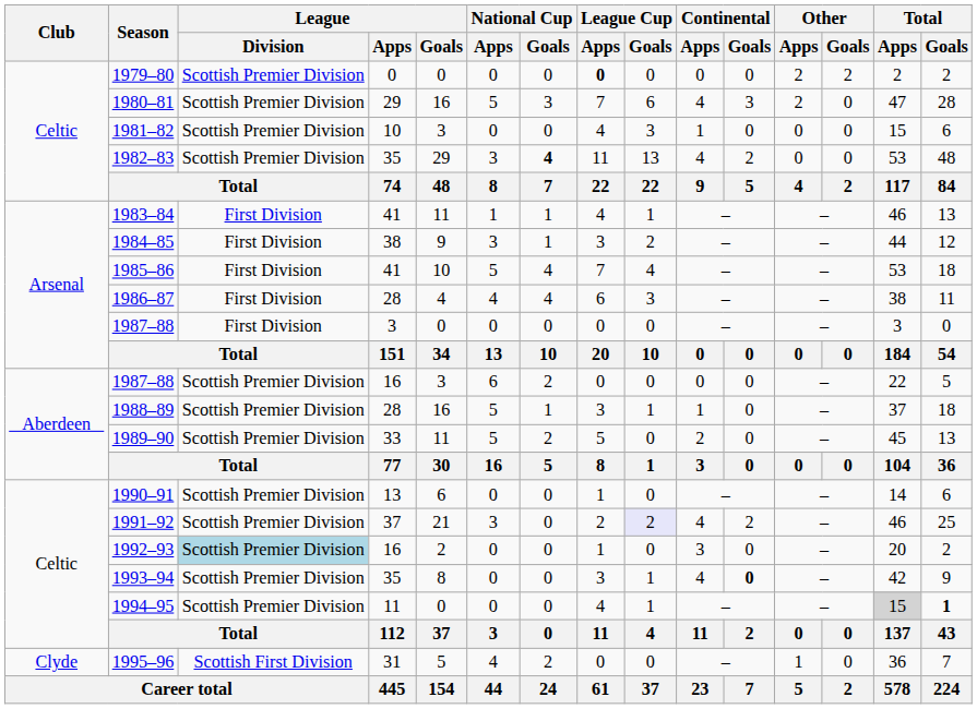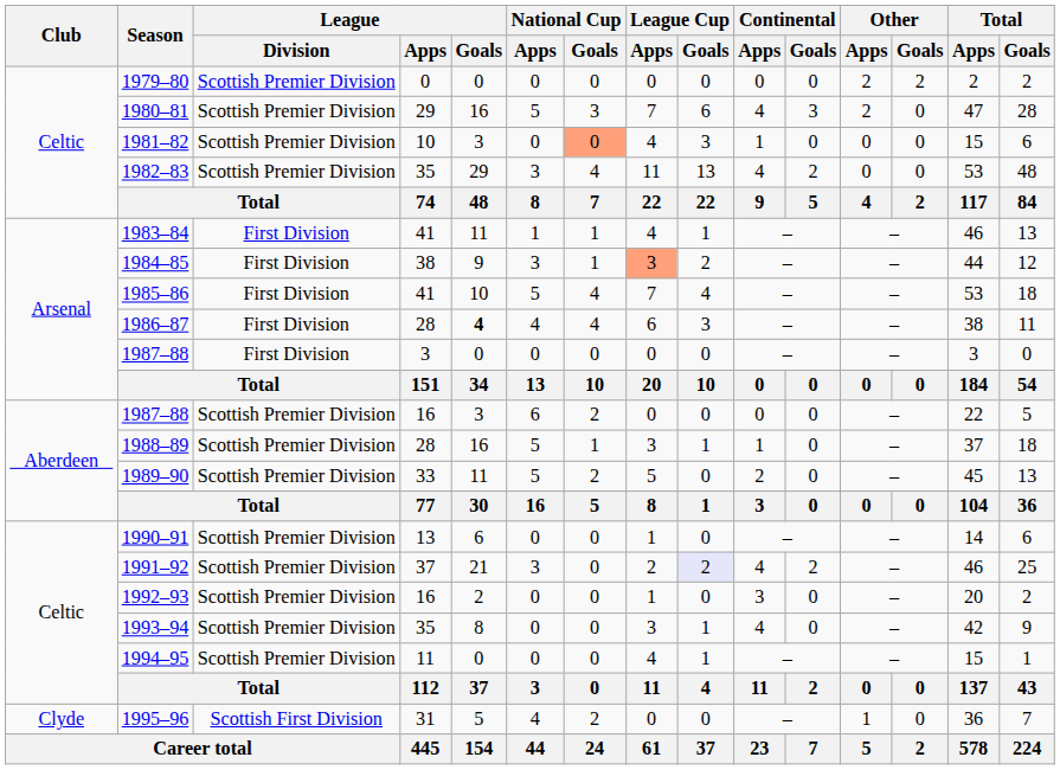 <table class="wikitable" style="text-align:center">
 <tr>
 <th rowspan="2">Club</th>
 <th rowspan="2">Season</th>
 <th colspan="3">League</th>
 <th colspan="2">National Cup</th>
 <th colspan="2">League Cup</th>
 <th colspan="2">Continental</th>
 <th colspan="2">Other</th>
 <th colspan="2">Total</th>
 </tr>
 <tr>
 <th>Division</th>
 <th>Apps</th>
 <th>Goals</th>
 <th>Apps</th>
 <th>Goals</th>
 <th>Apps</th>
 <th>Goals</th>
 <th>Apps</th>
 <th>Goals</th>
 <th>Apps</th>
 <th>Goals</th>
 <th>Apps</th>
 <th>Goals</th>
 </tr>
 <tr>
 <td rowspan="5"><a href='#'>Celtic</a></td>
 <td><a href='#'>1979–80</a></td>
 <td><a href='#'>Scottish Premier Division</a></td>
 <td>0</td>
 <td>0</td>
 <td>0</td>
 <td>0</td>
-<td><strong>0</strong></td>
+<td>0</td>
 <td>0</td>
 <td>0</td>
 <td>0</td>
 <td>2</td>
 <td>2</td>
 <td>2</td>
 <td>2</td>
 </tr>
 <tr>
 <td><a href='#'>1980–81</a></td>
 <td>Scottish Premier Division</td>
 <td>29</td>
 <td>16</td>
 <td>5</td>
 <td>3</td>
 <td>7</td>
 <td>6</td>
 <td>4</td>
 <td>3</td>
 <td>2</td>
 <td>0</td>
 <td>47</td>
 <td>28</td>
 </tr>
 <tr>
 <td><a href='#'>1981–82</a></td>
 <td>Scottish Premier Division</td>
 <td>10</td>
 <td>3</td>
 <td>0</td>
-<td>0</td>
+<td style="background: lightsalmon;">0</td>
 <td>4</td>
 <td>3</td>
 <td>1</td>
 <td>0</td>
 <td>0</td>
 <td>0</td>
 <td>15</td>
 <td>6</td>
 </tr>
 <tr>
 <td><a href='#'>1982–83</a></td>
 <td>Scottish Premier Division</td>
 <td>35</td>
 <td>29</td>
 <td>3</td>
-<td><strong>4</strong></td>
+<td>4</td>
 <td>11</td>
 <td>13</td>
 <td>4</td>
 <td>2</td>
 <td>0</td>
 <td>0</td>
 <td>53</td>
 <td>48</td>
 </tr>
 <tr>
 <th colspan="2">Total</th>
 <th>74</th>
 <th>48</th>
 <th>8</th>
 <th>7</th>
 <th>22</th>
 <th>22</th>
 <th>9</th>
 <th>5</th>
 <th>4</th>
 <th>2</th>
 <th>117</th>
 <th>84</th>
 </tr>
 <tr>
 <td rowspan="6"><a href='#'>Arsenal</a></td>
 <td><a href='#'>1983–84</a></td>
 <td><a href='#'>First Division</a></td>
 <td>41</td>
 <td>11</td>
 <td>1</td>
 <td>1</td>
 <td>4</td>
 <td>1</td>
 <td colspan="2">–</td>
 <td colspan="2">–</td>
 <td>46</td>
 <td>13</td>
 </tr>
 <tr>
 <td><a href='#'>1984–85</a></td>
 <td>First Division</td>
 <td>38</td>
 <td>9</td>
 <td>3</td>
 <td>1</td>
-<td>3</td>
+<td style="background: lightsalmon;">3</td>
 <td>2</td>
 <td colspan="2">–</td>
 <td colspan="2">–</td>
 <td>44</td>
 <td>12</td>
 </tr>
 <tr>
 <td><a href='#'>1985–86</a></td>
 <td>First Division</td>
 <td>41</td>
 <td>10</td>
 <td>5</td>
 <td>4</td>
 <td>7</td>
 <td>4</td>
 <td colspan="2">–</td>
 <td colspan="2">–</td>
 <td>53</td>
 <td>18</td>
 </tr>
 <tr>
 <td><a href='#'>1986–87</a></td>
 <td>First Division</td>
 <td>28</td>
-<td>4</td>
+<td><strong>4</strong></td>
 <td>4</td>
 <td>4</td>
 <td>6</td>
 <td>3</td>
 <td colspan="2">–</td>
 <td colspan="2">–</td>
 <td>38</td>
 <td>11</td>
 </tr>
 <tr>
 <td><a href='#'>1987–88</a></td>
 <td>First Division</td>
 <td>3</td>
 <td>0</td>
 <td>0</td>
 <td>0</td>
 <td>0</td>
 <td>0</td>
 <td colspan="2">–</td>
 <td colspan="2">–</td>
 <td>3</td>
 <td>0</td>
 </tr>
 <tr>
 <th colspan="2">Total</th>
 <th>151</th>
 <th>34</th>
 <th>13</th>
 <th>10</th>
 <th>20</th>
 <th>10</th>
 <th>0</th>
 <th>0</th>
 <th>0</th>
 <th>0</th>
 <th>184</th>
 <th>54</th>
 </tr>
 <tr>
 <td rowspan="4"><a href='#'>   Aberdeen   </a></td>
 <td><a href='#'>1987–88</a></td>
 <td>Scottish Premier Division</td>
 <td>16</td>
 <td>3</td>
 <td>6</td>
 <td>2</td>
 <td>0</td>
 <td>0</td>
 <td>0</td>
 <td>0</td>
 <td colspan="2">–</td>
 <td>22</td>
 <td>5</td>
 </tr>
 <tr>
 <td><a href='#'>1988–89</a></td>
 <td>Scottish Premier Division</td>
 <td>28</td>
 <td>16</td>
 <td>5</td>
 <td>1</td>
 <td>3</td>
 <td>1</td>
 <td>1</td>
 <td>0</td>
 <td colspan="2">–</td>
 <td>37</td>
 <td>18</td>
 </tr>
 <tr>
 <td><a href='#'>1989–90</a></td>
 <td>Scottish Premier Division</td>
 <td>33</td>
 <td>11</td>
 <td>5</td>
 <td>2</td>
 <td>5</td>
 <td>0</td>
 <td>2</td>
 <td>0</td>
 <td colspan="2">–</td>
 <td>45</td>
 <td>13</td>
 </tr>
 <tr>
 <th colspan="2">Total</th>
 <th>77</th>
 <th>30</th>
 <th>16</th>
 <th>5</th>
 <th>8</th>
 <th>1</th>
 <th>3</th>
 <th>0</th>
 <th>0</th>
 <th>0</th>
 <th>104</th>
 <th>36</th>
 </tr>
 <tr>
 <td rowspan="6">Celtic</td>
 <td><a href='#'>1990–91</a></td>
 <td>Scottish Premier Division</td>
 <td>13</td>
 <td>6</td>
 <td>0</td>
 <td>0</td>
 <td>1</td>
 <td>0</td>
 <td colspan="2">–</td>
 <td colspan="2">–</td>
 <td>14</td>
 <td>6</td>
 </tr>
 <tr>
 <td><a href='#'>1991–92</a></td>
 <td>Scottish Premier Division</td>
 <td>37</td>
 <td>21</td>
 <td>3</td>
 <td>0</td>
 <td>2</td>
 <td style="background: lavender;">2</td>
 <td>4</td>
 <td>2</td>
 <td colspan="2">–</td>
 <td>46</td>
 <td>25</td>
 </tr>
 <tr>
 <td><a href='#'>1992–93</a></td>
-<td style="background: lightblue;">Scottish Premier Division</td>
+<td>Scottish Premier Division</td>
 <td>16</td>
 <td>2</td>
 <td>0</td>
 <td>0</td>
 <td>1</td>
 <td>0</td>
 <td>3</td>
 <td>0</td>
 <td colspan="2">–</td>
 <td>20</td>
 <td>2</td>
 </tr>
 <tr>
 <td><a href='#'>1993–94</a></td>
 <td>Scottish Premier Division</td>
 <td>35</td>
 <td>8</td>
 <td>0</td>
 <td>0</td>
 <td>3</td>
 <td>1</td>
 <td>4</td>
-<td><strong>0</strong></td>
+<td>0</td>
 <td colspan="2">–</td>
 <td>42</td>
 <td>9</td>
 </tr>
 <tr>
 <td><a href='#'>1994–95</a></td>
 <td>Scottish Premier Division</td>
 <td>11</td>
 <td>0</td>
 <td>0</td>
 <td>0</td>
 <td>4</td>
 <td>1</td>
 <td colspan="2">–</td>
 <td colspan="2">–</td>
-<td style="background: lightgrey;">15</td>
-<td><strong>1</strong></td>
+<td>15</td>
+<td>1</td>
 </tr>
 <tr>
 <th colspan="2">Total</th>
 <th>112</th>
 <th>37</th>
 <th>3</th>
 <th>0</th>
 <th>11</th>
 <th>4</th>
 <th>11</th>
 <th>2</th>
 <th>0</th>
 <th>0</th>
 <th>137</th>
 <th>43</th>
 </tr>
 <tr>
 <td><a href='#'>Clyde</a></td>
 <td><a href='#'>1995–96</a></td>
 <td><a href='#'>Scottish First Division</a></td>
 <td>31</td>
 <td>5</td>
 <td>4</td>
 <td>2</td>
 <td>0</td>
 <td>0</td>
 <td colspan="2">–</td>
 <td>1</td>
 <td>0</td>
 <td>36</td>
 <td>7</td>
 </tr>
 <tr>
 <th colspan="3">Career total</th>
 <th>445</th>
 <th>154</th>
 <th>44</th>
 <th>24</th>
 <th>61</th>
 <th>37</th>
 <th>23</th>
 <th>7</th>
 <th>5</th>
 <th>2</th>
 <th>578</th>
 <th>224</th>
 </tr>
 </table>
